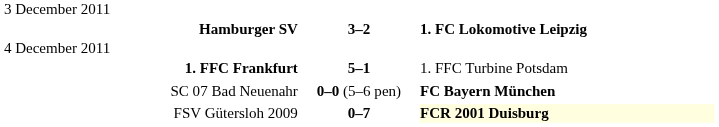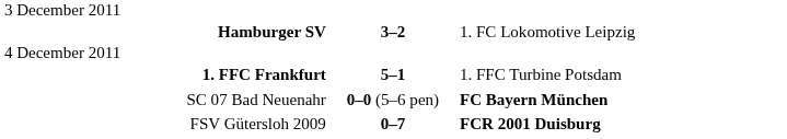 <table width=100% cellspacing=1>
 <tr>
 <th width=25%></th>
 <th width=10%></th>
 <th width=25%></th>
 <th></th>
 </tr>
 <tr>
 <td>3 December 2011</td>
 </tr>
 <tr>
 <td align=right><strong>Hamburger SV</strong></td>
 <td align=center><strong>3–2</strong></td>
-<td><strong>1. FC Lokomotive Leipzig</strong></td>
+<td>1. FC Lokomotive Leipzig</td>
 </tr>
 <tr>
 <td>4 December 2011</td>
 </tr>
 <tr>
 <td align=right><strong>1. FFC Frankfurt</strong></td>
 <td align=center><strong>5–1</strong></td>
 <td>1. FFC Turbine Potsdam</td>
 </tr>
 <tr>
 <td></td>
 </tr>
 <tr>
 <td align=right>SC 07 Bad Neuenahr</td>
 <td align=center><strong>0–0</strong> (5–6 pen)</td>
 <td><strong>FC Bayern München</strong></td>
 </tr>
 <tr>
 <td></td>
 </tr>
 <tr>
 <td align=right>FSV Gütersloh 2009</td>
 <td align=center><strong>0–7</strong></td>
-<td style="background: lightyellow;"><strong>FCR 2001 Duisburg</strong></td>
+<td><strong>FCR 2001 Duisburg</strong></td>
 </tr>
 <tr>
 </tr>
 </table>
